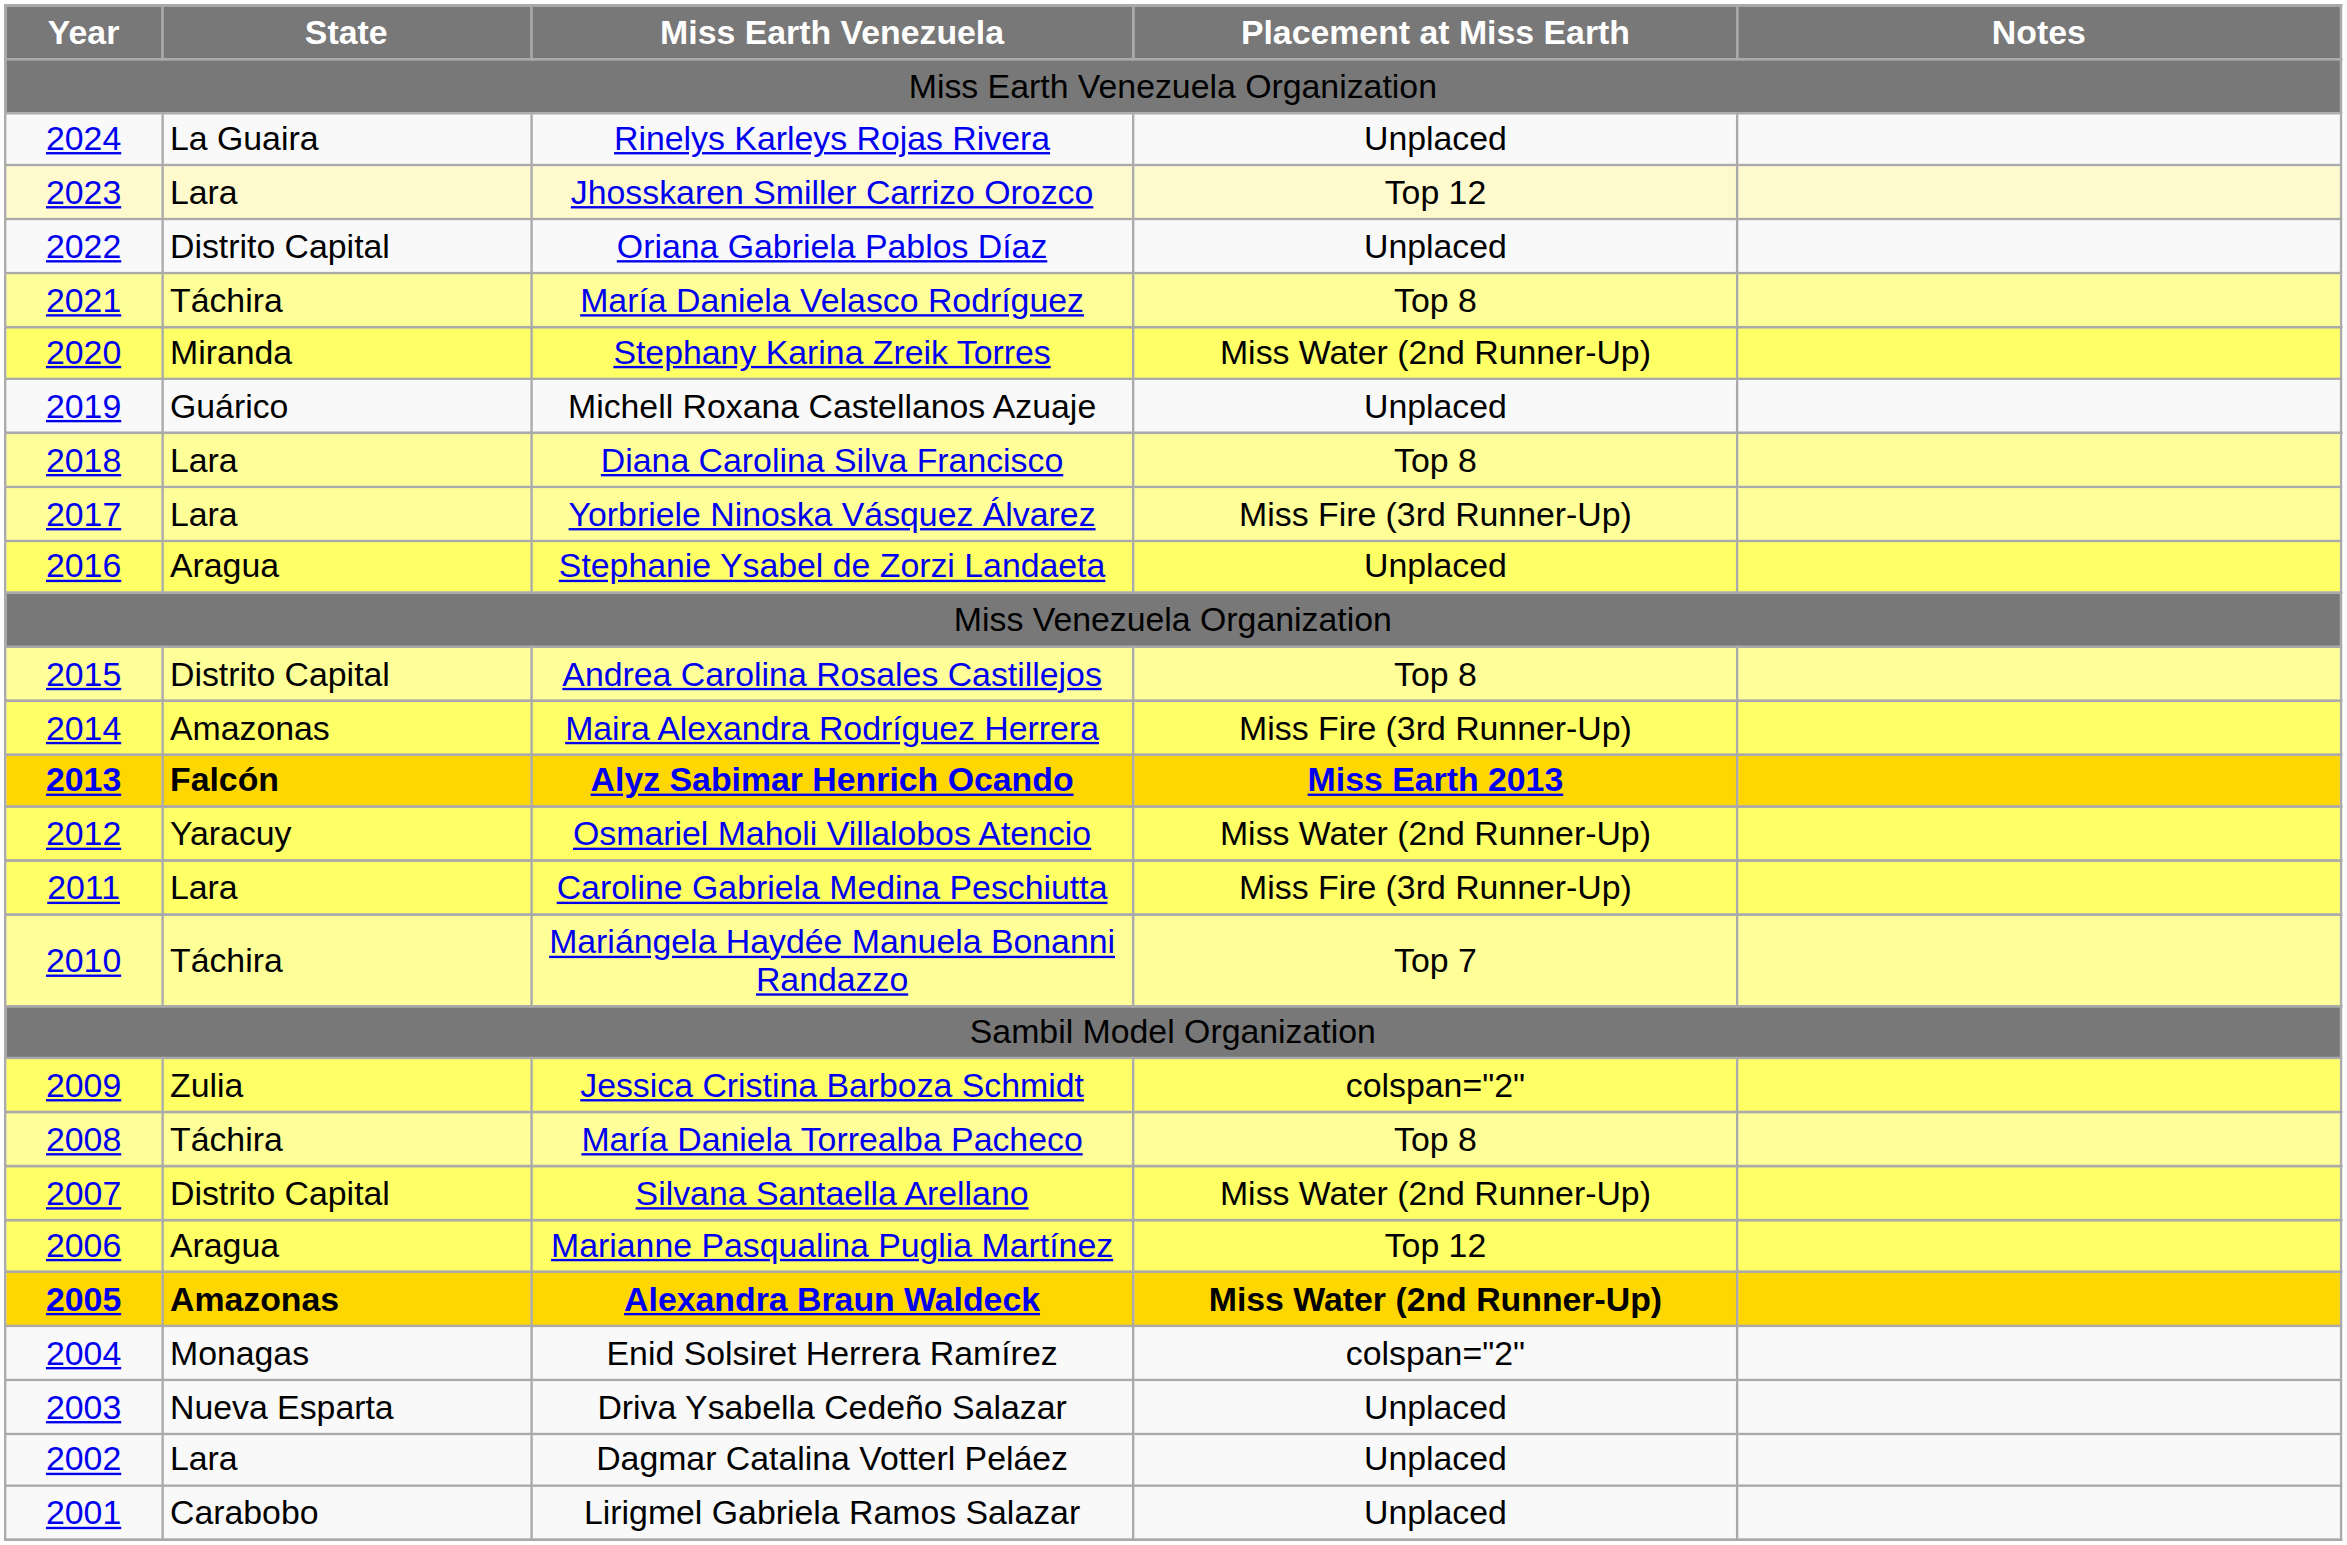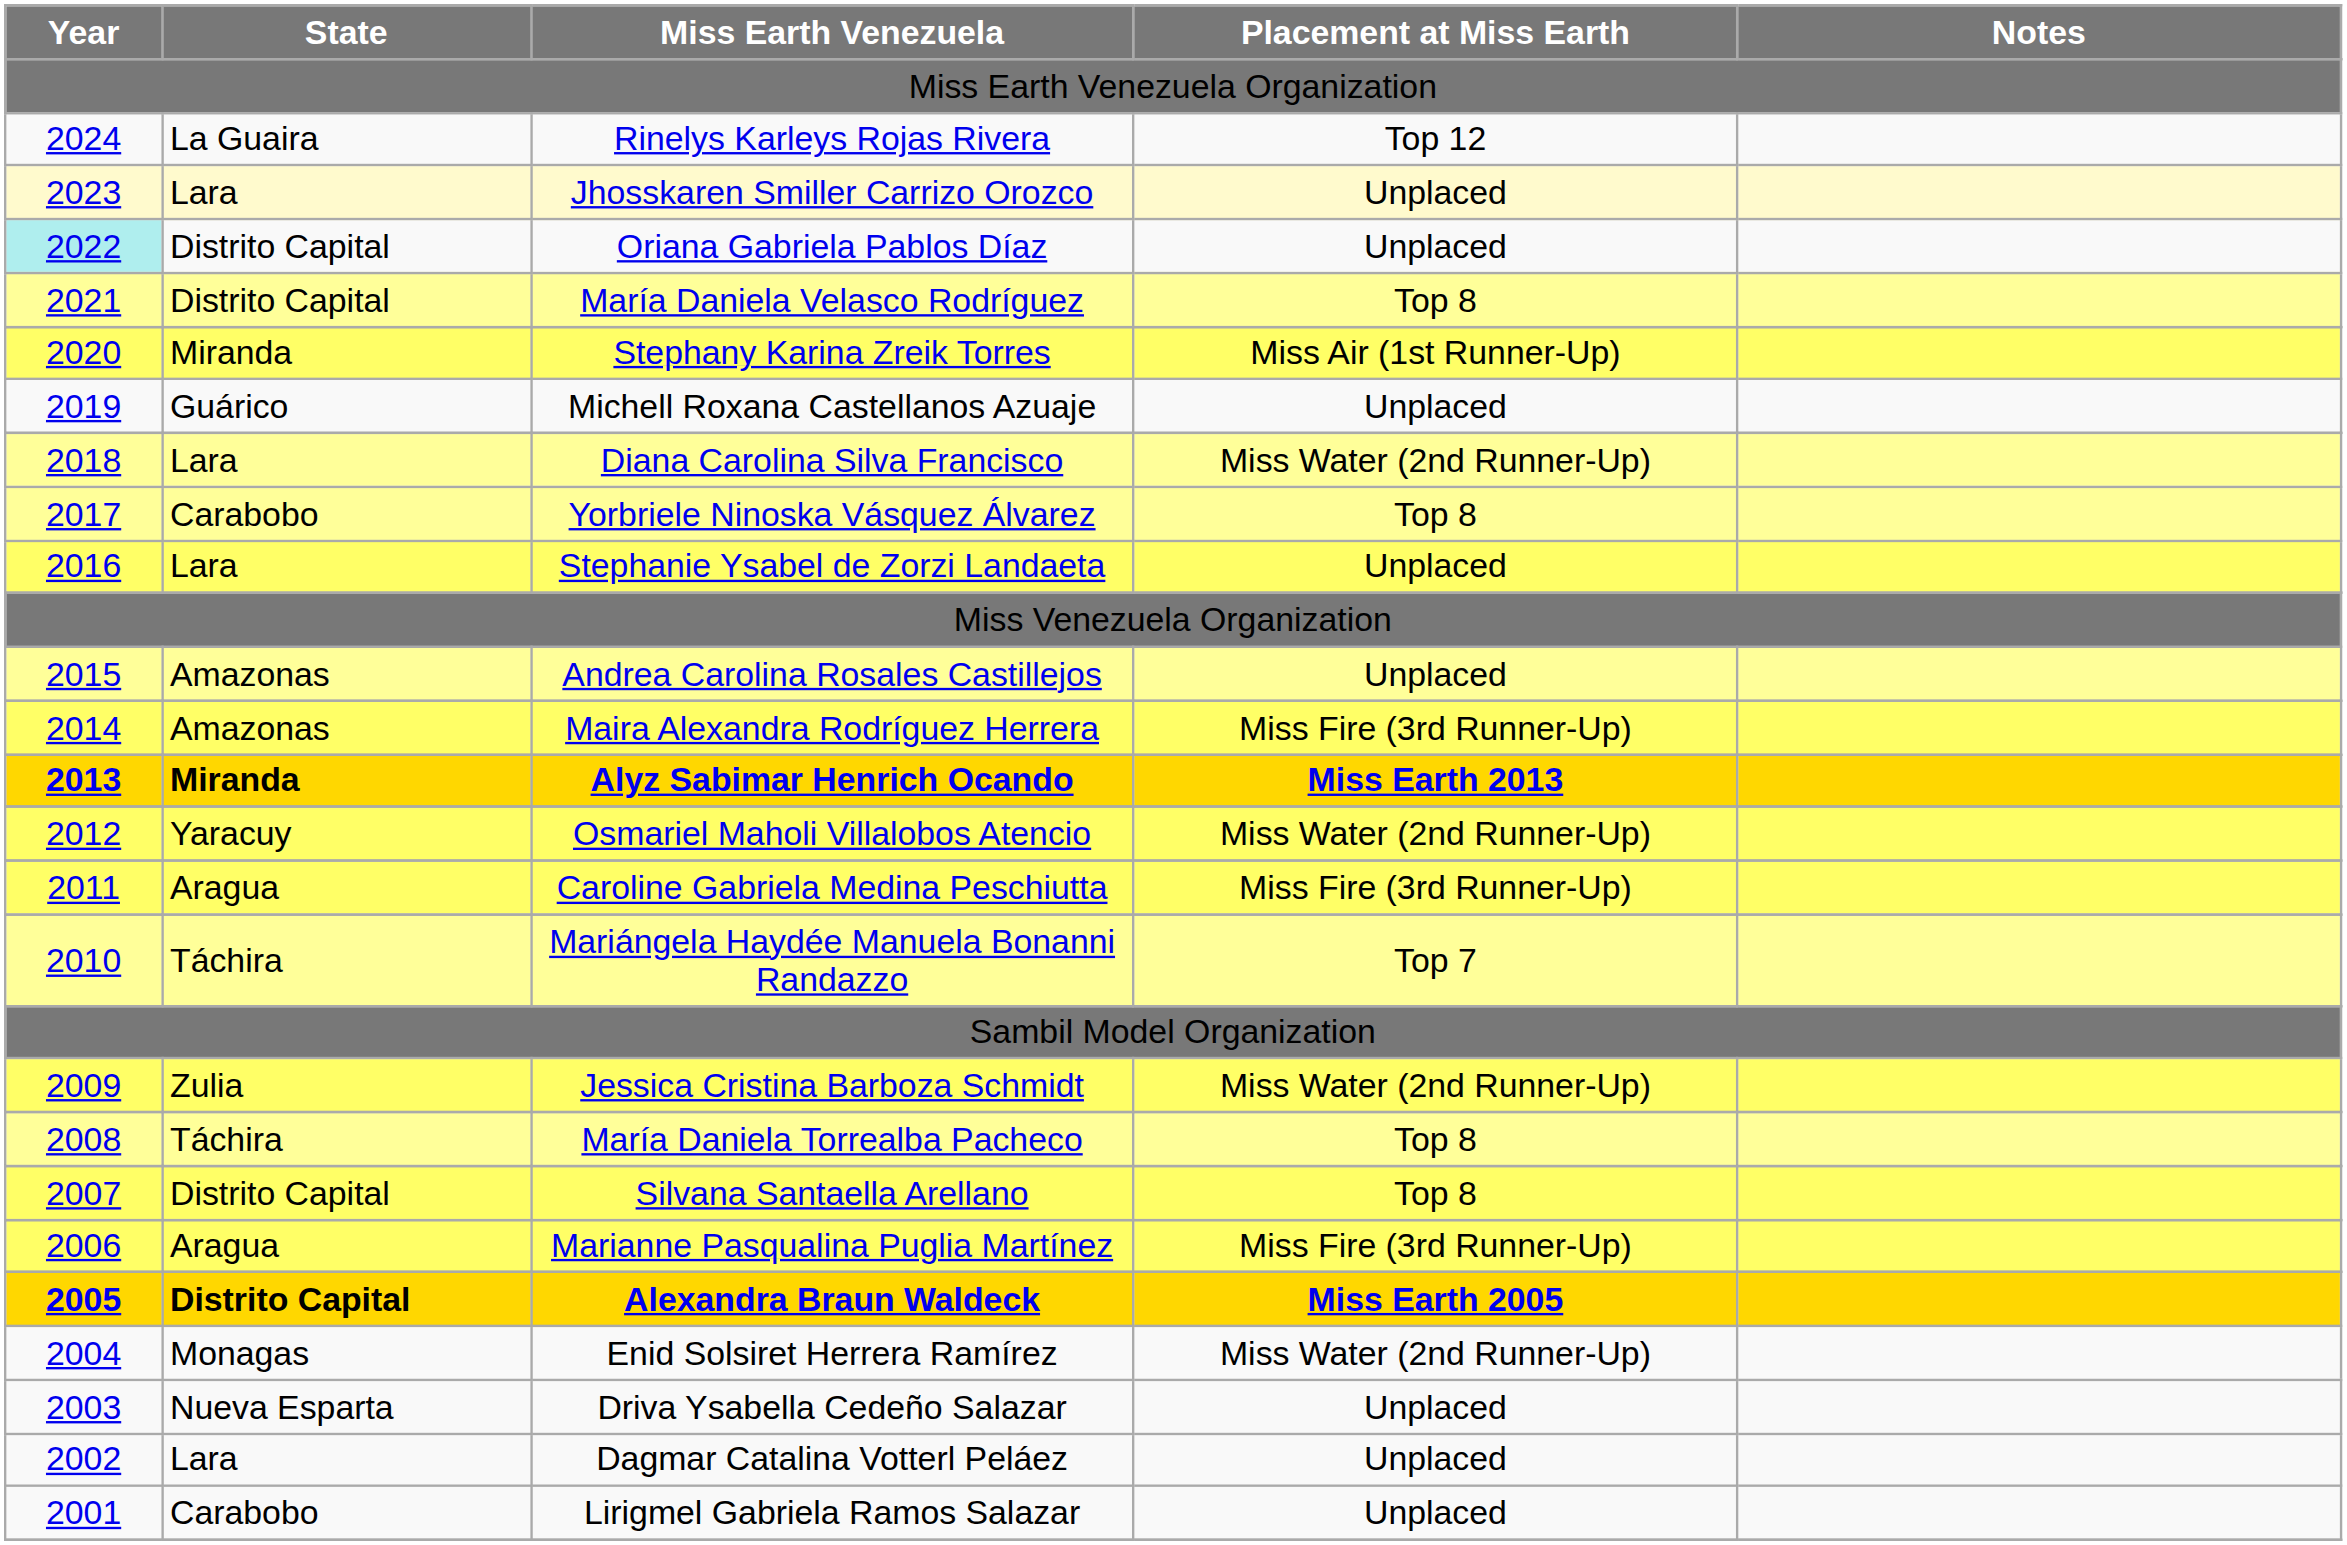 <table class="wikitable " style="font-size: 90%; text-align:center;">
 <tr>
 <th width="60" style="background-color:#787878;color:#FFFFFF;">Year</th>
 <th width="150" style="background-color:#787878;color:#FFFFFF;">State</th>
 <th width="250" style="background-color:#787878;color:#FFFFFF;"><span>Miss Earth Venezuela</span></th>
 <th width="250" style="background-color:#787878;color:#FFFFFF;">Placement at <span>Miss Earth</span></th>
 <th width="250" style="background-color:#787878;color:#FFFFFF;">Notes</th>
 </tr>
 <tr>
 </tr>
 <tr bgcolor="#787878" align="center">
 <td colspan="5"><span>Miss Earth Venezuela Organization</span></td>
 </tr>
 <tr>
 <td><a href='#'>2024</a></td>
 <td align="left">La Guaira</td>
 <td><a href='#'>Rinelys Karleys Rojas Rivera</a></td>
-<td>Unplaced</td>
+<td>Top 12</td>
 <td></td>
 </tr>
 <tr style="background-color:#FFFACD">
 <td><a href='#'>2023</a></td>
 <td align="left">Lara</td>
 <td><a href='#'>Jhosskaren Smiller Carrizo Orozco</a></td>
-<td>Top 12</td>
+<td>Unplaced</td>
 <td style="background:;"></td>
 </tr>
 <tr>
-<td><a href='#'>2022</a></td>
+<td style="background: paleturquoise;"><a href='#'>2022</a></td>
 <td align="left">Distrito Capital</td>
 <td><a href='#'>Oriana Gabriela Pablos Díaz</a></td>
 <td>Unplaced</td>
 <td style="background:;"></td>
 </tr>
 <tr style="background-color:#FFFF99">
 <td><a href='#'>2021</a></td>
-<td align="left">Táchira</td>
+<td align="left">Distrito Capital</td>
 <td><a href='#'>María Daniela Velasco Rodríguez</a></td>
 <td>Top 8</td>
 <td style="background:;"></td>
 </tr>
 <tr>
 </tr>
 <tr style="background-color:#FFFF66">
 <td><a href='#'>2020</a></td>
 <td align="left">Miranda</td>
 <td><a href='#'>Stephany Karina Zreik Torres</a></td>
-<td>Miss Water (2nd Runner-Up)</td>
+<td>Miss Air (1st Runner-Up)</td>
 <td style="background:;"></td>
 </tr>
 <tr>
 <td><a href='#'>2019</a></td>
 <td align="left">Guárico</td>
 <td>Michell Roxana Castellanos Azuaje</td>
 <td>Unplaced</td>
 <td style="background:;"></td>
 </tr>
 <tr>
 </tr>
 <tr style="background-color:#FFFF99">
 <td><a href='#'>2018</a></td>
 <td align="left">Lara</td>
 <td><a href='#'>Diana Carolina Silva Francisco</a></td>
-<td>Top 8</td>
+<td>Miss Water (2nd Runner-Up)</td>
 <td style="background:;"></td>
 </tr>
 <tr style="background-color:#FFFF99">
 <td><a href='#'>2017</a></td>
-<td align="left">Lara</td>
+<td align="left">Carabobo</td>
 <td><a href='#'>Yorbriele Ninoska Vásquez Álvarez</a></td>
-<td>Miss Fire (3rd Runner-Up)</td>
+<td>Top 8</td>
 <td style="background:;"></td>
 </tr>
 <tr style="background-color:#FFFF66">
 <td><a href='#'>2016</a></td>
-<td align="left">Aragua</td>
+<td align="left">Lara</td>
 <td><a href='#'>Stephanie Ysabel de Zorzi Landaeta</a></td>
 <td>Unplaced</td>
 <td style="background:;"></td>
 </tr>
 <tr>
 </tr>
 <tr bgcolor="#787878" align="center">
 <td colspan="5"><span>Miss Venezuela Organization</span></td>
 </tr>
 <tr style="background-color:#FFFF99;">
 <td><a href='#'>2015</a></td>
-<td align="left">Distrito Capital</td>
+<td align="left">Amazonas</td>
 <td><a href='#'>Andrea Carolina Rosales Castillejos</a></td>
-<td>Top 8</td>
+<td>Unplaced</td>
 <td style="background:;"></td>
 </tr>
 <tr>
 </tr>
 <tr style="background-color:#FFFF66;">
 <td><a href='#'>2014</a></td>
 <td align="left">Amazonas</td>
 <td><a href='#'>Maira Alexandra Rodríguez Herrera</a></td>
 <td>Miss Fire (3rd Runner-Up)</td>
 <td style="background:;"></td>
 </tr>
 <tr>
 </tr>
 <tr style="background-color:gold; font-weight: bold ">
 <td><a href='#'>2013</a></td>
-<td align="left">Falcón</td>
+<td align="left">Miranda</td>
 <td><a href='#'>Alyz Sabimar Henrich Ocando</a></td>
 <td><a href='#'>Miss Earth 2013</a></td>
 <td style="background:;"></td>
 </tr>
 <tr>
 </tr>
 <tr style="background-color:#FFFF66;">
 <td><a href='#'>2012</a></td>
 <td align="left">Yaracuy</td>
 <td><a href='#'>Osmariel Maholi Villalobos Atencio</a></td>
 <td>Miss Water (2nd Runner-Up)</td>
 <td style="background:;"></td>
 </tr>
 <tr>
 </tr>
 <tr style="background-color:#FFFF66;">
 <td><a href='#'>2011</a></td>
-<td align="left">Lara</td>
+<td align="left">Aragua</td>
 <td><a href='#'>Caroline Gabriela Medina Peschiutta</a></td>
 <td>Miss Fire (3rd Runner-Up)</td>
 <td style="background:;"></td>
 </tr>
 <tr>
 </tr>
 <tr style="background-color:#FFFF99;">
 <td><a href='#'>2010</a></td>
 <td align="left">Táchira</td>
 <td><a href='#'>Mariángela Haydée Manuela Bonanni Randazzo</a></td>
 <td>Top 7</td>
 <td style="background:;"></td>
 </tr>
 <tr>
 </tr>
 <tr bgcolor="#787878" align="center">
 <td colspan="5"><span>Sambil Model Organization</span></td>
 </tr>
 <tr style="background-color:#FFFF66;">
 <td><a href='#'>2009</a></td>
 <td align="left">Zulia</td>
 <td><a href='#'>Jessica Cristina Barboza Schmidt</a></td>
-<td>colspan="2" </td>
+<td>Miss Water (2nd Runner-Up)</td>
 <td style="background:;"></td>
 </tr>
 <tr>
 </tr>
 <tr style="background-color:#FFFF99;">
 <td><a href='#'>2008</a></td>
 <td align="left">Táchira</td>
 <td><a href='#'>María Daniela Torrealba Pacheco</a></td>
 <td>Top 8</td>
 <td style="background:;"></td>
 </tr>
 <tr>
 </tr>
 <tr style="background-color:#FFFF66;">
 <td><a href='#'>2007</a></td>
 <td align="left">Distrito Capital</td>
 <td><a href='#'>Silvana Santaella Arellano</a></td>
-<td>Miss Water (2nd Runner-Up)</td>
+<td>Top 8</td>
 <td style="background:;"></td>
 </tr>
 <tr>
 </tr>
 <tr style="background-color:#FFFF66;">
 <td><a href='#'>2006</a></td>
 <td align="left">Aragua</td>
 <td><a href='#'>Marianne Pasqualina Puglia Martínez</a></td>
-<td>Top 12</td>
+<td>Miss Fire (3rd Runner-Up)</td>
 <td style="background:;"></td>
 </tr>
 <tr>
 </tr>
 <tr style="background-color:gold; font-weight: bold ">
 <td><a href='#'>2005</a></td>
-<td align="left">Amazonas</td>
+<td align="left">Distrito Capital</td>
 <td><a href='#'>Alexandra Braun Waldeck</a></td>
-<td>Miss Water (2nd Runner-Up)</td>
+<td><a href='#'>Miss Earth 2005</a></td>
 <td style="background:;"></td>
 </tr>
 <tr>
 <td><a href='#'>2004</a></td>
 <td align="left">Monagas</td>
 <td>Enid Solsiret Herrera Ramírez</td>
-<td>colspan="2" </td>
+<td>Miss Water (2nd Runner-Up)</td>
 </tr>
 <tr>
 <td><a href='#'>2003</a></td>
 <td align="left">Nueva Esparta</td>
 <td>Driva Ysabella Cedeño Salazar</td>
 <td>Unplaced</td>
 <td></td>
 </tr>
 <tr>
 <td><a href='#'>2002</a></td>
 <td align="left">Lara</td>
 <td>Dagmar Catalina Votterl Peláez</td>
 <td>Unplaced</td>
 <td></td>
 </tr>
 <tr>
 <td><a href='#'>2001</a></td>
 <td align="left">Carabobo</td>
 <td>Lirigmel Gabriela Ramos Salazar</td>
 <td>Unplaced</td>
 <td></td>
 </tr>
 <tr>
 </tr>
 </table>
